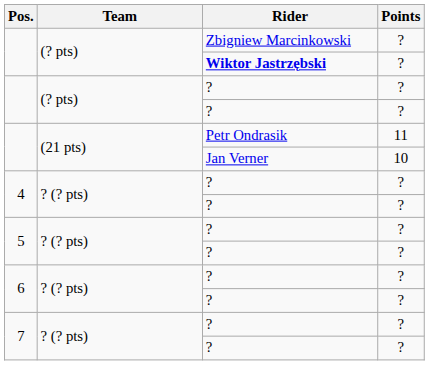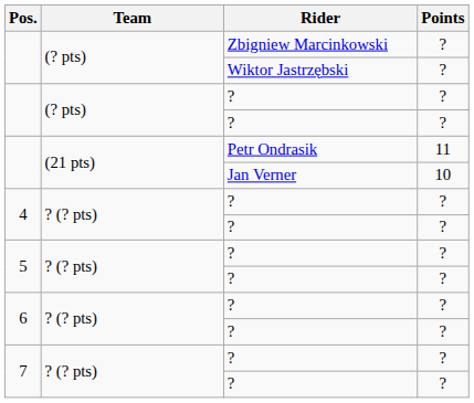 <table class=wikitable style="font-size:93%;">
 <tr>
 <th width=25px>Pos.</th>
 <th width=160px>Team</th>
 <th width=170px>Rider</th>
 <th width=40px>Points</th>
 </tr>
 <tr align=center >
 <td rowspan=2 ></td>
 <td rowspan=2 align=left> (? pts)</td>
 <td align=left><a href='#'>Zbigniew Marcinkowski</a></td>
 <td>?</td>
 </tr>
 <tr align=center >
-<td align=left><strong><a href='#'>Wiktor Jastrzębski</a></strong></td>
+<td align=left><a href='#'>Wiktor Jastrzębski</a></td>
 <td>?</td>
 </tr>
 <tr align=center >
 <td rowspan=2 ></td>
 <td rowspan=2 align=left> (? pts)</td>
 <td align=left>?</td>
 <td>?</td>
 </tr>
 <tr align=center >
 <td align=left>?</td>
 <td>?</td>
 </tr>
 <tr align=center >
 <td rowspan=2 ></td>
 <td rowspan=2 align=left> (21 pts)</td>
 <td align=left><a href='#'>Petr Ondrasik</a></td>
 <td>11</td>
 </tr>
 <tr align=center >
 <td align=left><a href='#'>Jan Verner</a></td>
 <td>10</td>
 </tr>
 <tr align=center>
 <td rowspan=2>4</td>
 <td rowspan=2 align=left>? (? pts)</td>
 <td align=left>?</td>
 <td>?</td>
 </tr>
 <tr align=center>
 <td align=left>?</td>
 <td>?</td>
 </tr>
 <tr align=center>
 <td rowspan=2>5</td>
 <td rowspan=2 align=left>? (? pts)</td>
 <td align=left>?</td>
 <td>?</td>
 </tr>
 <tr align=center>
 <td align=left>?</td>
 <td>?</td>
 </tr>
 <tr align=center>
 <td rowspan=2>6</td>
 <td rowspan=2 align=left>? (? pts)</td>
 <td align=left>?</td>
 <td>?</td>
 </tr>
 <tr align=center>
 <td align=left>?</td>
 <td>?</td>
 </tr>
 <tr align=center>
 <td rowspan=2>7</td>
 <td rowspan=2 align=left>? (? pts)</td>
 <td align=left>?</td>
 <td>?</td>
 </tr>
 <tr align=center>
 <td align=left>?</td>
 <td>?</td>
 </tr>
 </table>
